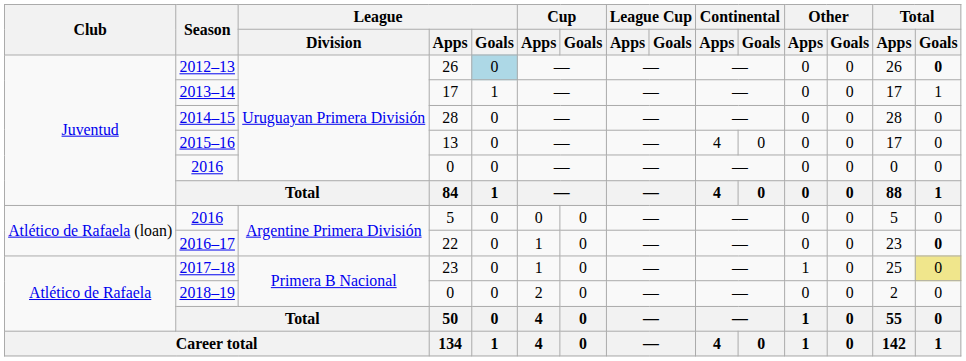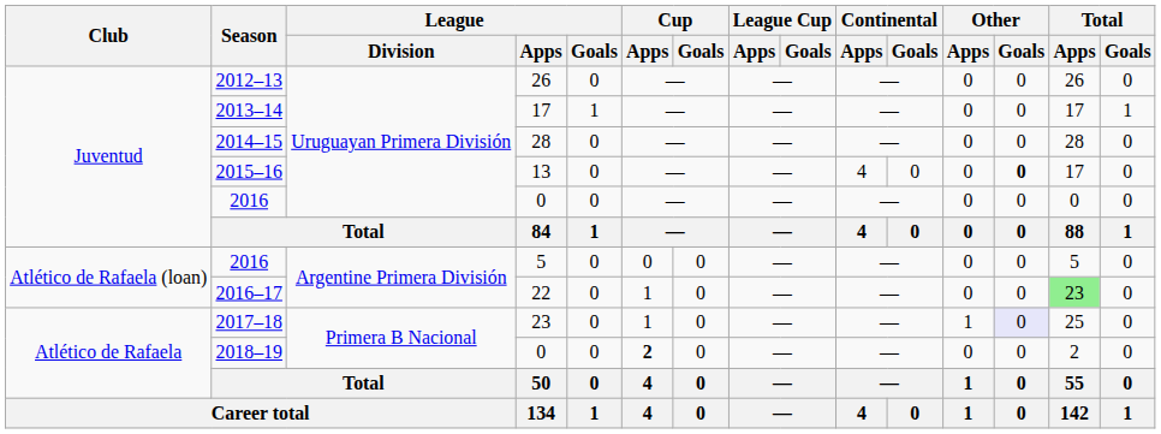 <table class="wikitable" style="text-align:center">
 <tr>
 <th rowspan="2">Club</th>
 <th rowspan="2">Season</th>
 <th colspan="3">League</th>
 <th colspan="2">Cup</th>
 <th colspan="2">League Cup</th>
 <th colspan="2">Continental</th>
 <th colspan="2">Other</th>
 <th colspan="2">Total</th>
 </tr>
 <tr>
 <th>Division</th>
 <th>Apps</th>
 <th>Goals</th>
 <th>Apps</th>
 <th>Goals</th>
 <th>Apps</th>
 <th>Goals</th>
 <th>Apps</th>
 <th>Goals</th>
 <th>Apps</th>
 <th>Goals</th>
 <th>Apps</th>
 <th>Goals</th>
 </tr>
 <tr>
 <td rowspan="6"><a href='#'>Juventud</a></td>
 <td><a href='#'>2012–13</a></td>
 <td rowspan="5"><a href='#'>Uruguayan Primera División</a></td>
 <td>26</td>
-<td style="background: lightblue;">0</td>
+<td>0</td>
 <td colspan="2">—</td>
 <td colspan="2">—</td>
 <td colspan="2">—</td>
 <td>0</td>
 <td>0</td>
 <td>26</td>
-<td><strong>0</strong></td>
+<td>0</td>
 </tr>
 <tr>
 <td><a href='#'>2013–14</a></td>
 <td>17</td>
 <td>1</td>
 <td colspan="2">—</td>
 <td colspan="2">—</td>
 <td colspan="2">—</td>
 <td>0</td>
 <td>0</td>
 <td>17</td>
 <td>1</td>
 </tr>
 <tr>
 <td><a href='#'>2014–15</a></td>
 <td>28</td>
 <td>0</td>
 <td colspan="2">—</td>
 <td colspan="2">—</td>
 <td colspan="2">—</td>
 <td>0</td>
 <td>0</td>
 <td>28</td>
 <td>0</td>
 </tr>
 <tr>
 <td><a href='#'>2015–16</a></td>
 <td>13</td>
 <td>0</td>
 <td colspan="2">—</td>
 <td colspan="2">—</td>
 <td>4</td>
 <td>0</td>
 <td>0</td>
-<td>0</td>
+<td><strong>0</strong></td>
 <td>17</td>
 <td>0</td>
 </tr>
 <tr>
 <td><a href='#'>2016</a></td>
 <td>0</td>
 <td>0</td>
 <td colspan="2">—</td>
 <td colspan="2">—</td>
 <td colspan="2">—</td>
 <td>0</td>
 <td>0</td>
 <td>0</td>
 <td>0</td>
 </tr>
 <tr>
 <th colspan="2">Total</th>
 <th>84</th>
 <th>1</th>
 <th colspan="2">—</th>
 <th colspan="2">—</th>
 <th>4</th>
 <th>0</th>
 <th>0</th>
 <th>0</th>
 <th>88</th>
 <th>1</th>
 </tr>
 <tr>
 <td rowspan="2"><a href='#'>Atlético de Rafaela</a> (loan)</td>
 <td><a href='#'>2016</a></td>
 <td rowspan="2"><a href='#'>Argentine Primera División</a></td>
 <td>5</td>
 <td>0</td>
 <td>0</td>
 <td>0</td>
 <td colspan="2">—</td>
 <td colspan="2">—</td>
 <td>0</td>
 <td>0</td>
 <td>5</td>
 <td>0</td>
 </tr>
 <tr>
 <td><a href='#'>2016–17</a></td>
 <td>22</td>
 <td>0</td>
 <td>1</td>
 <td>0</td>
 <td colspan="2">—</td>
 <td colspan="2">—</td>
 <td>0</td>
 <td>0</td>
-<td>23</td>
-<td><strong>0</strong></td>
+<td style="background: lightgreen;">23</td>
+<td>0</td>
 </tr>
 <tr>
 <td rowspan="3"><a href='#'>Atlético de Rafaela</a></td>
 <td><a href='#'>2017–18</a></td>
 <td rowspan="2"><a href='#'>Primera B Nacional</a></td>
 <td>23</td>
 <td>0</td>
 <td>1</td>
 <td>0</td>
 <td colspan="2">—</td>
 <td colspan="2">—</td>
 <td>1</td>
+<td style="background: lavender;">0</td>
+<td>25</td>
 <td>0</td>
-<td>25</td>
-<td style="background: khaki;">0</td>
 </tr>
 <tr>
 <td><a href='#'>2018–19</a></td>
 <td>0</td>
 <td>0</td>
-<td>2</td>
+<td><strong>2</strong></td>
 <td>0</td>
 <td colspan="2">—</td>
 <td colspan="2">—</td>
 <td>0</td>
 <td>0</td>
 <td>2</td>
 <td>0</td>
 </tr>
 <tr>
 <th colspan="2">Total</th>
 <th>50</th>
 <th>0</th>
 <th>4</th>
 <th>0</th>
 <th colspan="2">—</th>
 <th colspan="2">—</th>
 <th>1</th>
 <th>0</th>
 <th>55</th>
 <th>0</th>
 </tr>
 <tr>
 <th colspan="3">Career total</th>
 <th>134</th>
 <th>1</th>
 <th>4</th>
 <th>0</th>
 <th colspan="2">—</th>
 <th>4</th>
 <th>0</th>
 <th>1</th>
 <th>0</th>
 <th>142</th>
 <th>1</th>
 </tr>
 </table>
